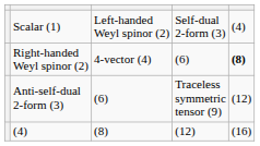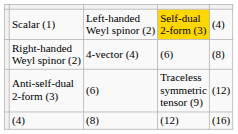 <table class="wikitable floatright">
 <tr>
 <th></th>
 <th></th>
 <th></th>
 <th></th>
 <th></th>
 </tr>
 <tr>
 <th></th>
 <td>Scalar (1)</td>
 <td>Left-handed <br>Weyl spinor (2)</td>
-<td>Self-dual <br>2-form (3)</td>
+<td style="background: gold;">Self-dual <br>2-form (3)</td>
 <td>(4)</td>
 </tr>
 <tr>
 <th></th>
 <td>Right-handed <br>Weyl spinor (2)</td>
 <td>4-vector (4)</td>
 <td>(6)</td>
-<td><strong>(8)</strong></td>
+<td>(8)</td>
 </tr>
 <tr>
 <th></th>
 <td>Anti-self-dual <br>2-form (3)</td>
 <td>(6)</td>
 <td>Traceless <br>symmetric <br>tensor (9)</td>
 <td>(12)</td>
 </tr>
 <tr>
 <th></th>
 <td>(4)</td>
 <td>(8)</td>
 <td>(12)</td>
 <td>(16)</td>
 </tr>
 </table>
